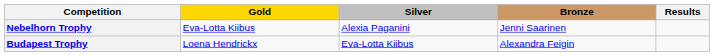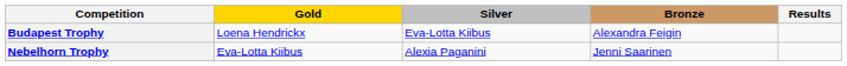 <table class="wikitable unsortable" style="text-align:left; width:90%;">
 <tr>
 <th scope="col" style="text-align:center; width:25%;">Competition</th>
 <td scope="col" style="text-align:center; width:22.5%; background:gold"><strong>Gold</strong></td>
 <td scope="col" style="text-align:center; width:22.5%; background:silver"><strong>Silver</strong></td>
 <td scope="col" style="text-align:center; width:22.5%; background:#c96"><strong>Bronze</strong></td>
 <th scope="col" style="text-align:center; width:7.5%;">Results</th>
 </tr>
 <tr>
+<th scope="row" style="text-align:left"> <a href='#'>Budapest Trophy</a></th>
+<td> <a href='#'>Loena Hendrickx</a></td>
+<td> <a href='#'>Eva-Lotta Kiibus</a></td>
+<td> <a href='#'>Alexandra Feigin</a></td>
+<td></td>
+</tr>
+<tr>
 <th scope="row" style="text-align:left"> <a href='#'>Nebelhorn Trophy</a></th>
 <td> <a href='#'>Eva-Lotta Kiibus</a></td>
 <td> <a href='#'>Alexia Paganini</a></td>
 <td> <a href='#'>Jenni Saarinen</a></td>
 <td></td>
 </tr>
-<tr>
-<th scope="row" style="text-align:left"> <a href='#'>Budapest Trophy</a></th>
-<td> <a href='#'>Loena Hendrickx</a></td>
-<td> <a href='#'>Eva-Lotta Kiibus</a></td>
-<td> <a href='#'>Alexandra Feigin</a></td>
-<td></td>
-</tr>
 </table>
